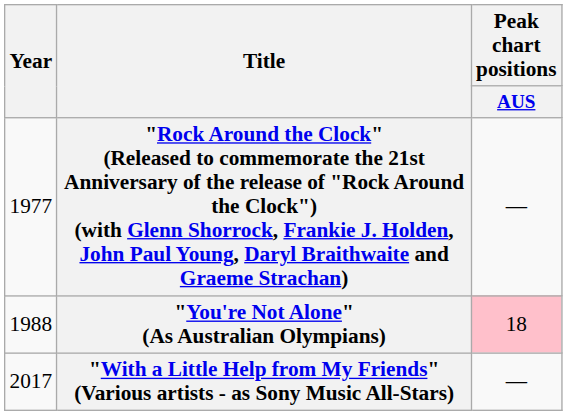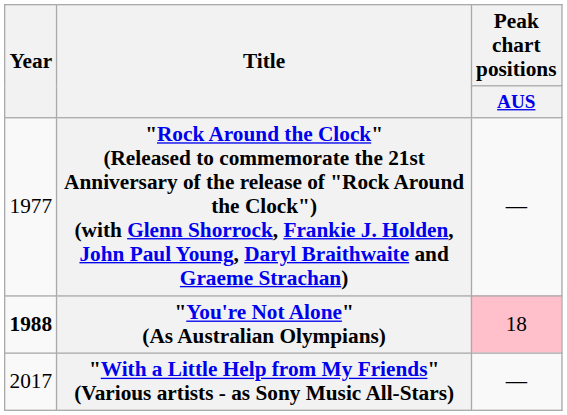 <table class="wikitable plainrowheaders" style="text-align:center;" border="1">
 <tr>
 <th scope="col" rowspan="2" style="width:1em;">Year</th>
 <th scope="col" rowspan="2" style="width:19em;">Title</th>
 <th scope="col" colspan="1">Peak chart positions</th>
 </tr>
 <tr>
 <th scope="col" style="width:3em;font-size:90%;"><a href='#'>AUS</a><br></th>
 </tr>
 <tr>
 <td>1977</td>
 <th scope="row">"<a href='#'>Rock Around the Clock</a>"<br><span>(Released to commemorate the 21st Anniversary of the release of "Rock Around the Clock")<br>(with <a href='#'>Glenn Shorrock</a>, <a href='#'>Frankie J. Holden</a>, <a href='#'>John Paul Young</a>, <a href='#'>Daryl Braithwaite</a> and <a href='#'>Graeme Strachan</a>)</span></th>
 <td>—</td>
 </tr>
 <tr>
-<td>1988</td>
+<td><strong>1988</strong></td>
 <th scope="row">"<a href='#'>You're Not Alone</a>"<br><span>(As Australian Olympians)</span></th>
 <td style="background: pink;">18</td>
 </tr>
 <tr>
 <td>2017</td>
 <th scope="row">"<a href='#'>With a Little Help from My Friends</a>"<br><span>(Various artists - as Sony Music All-Stars)<br></span></th>
 <td>—</td>
 </tr>
 </table>
